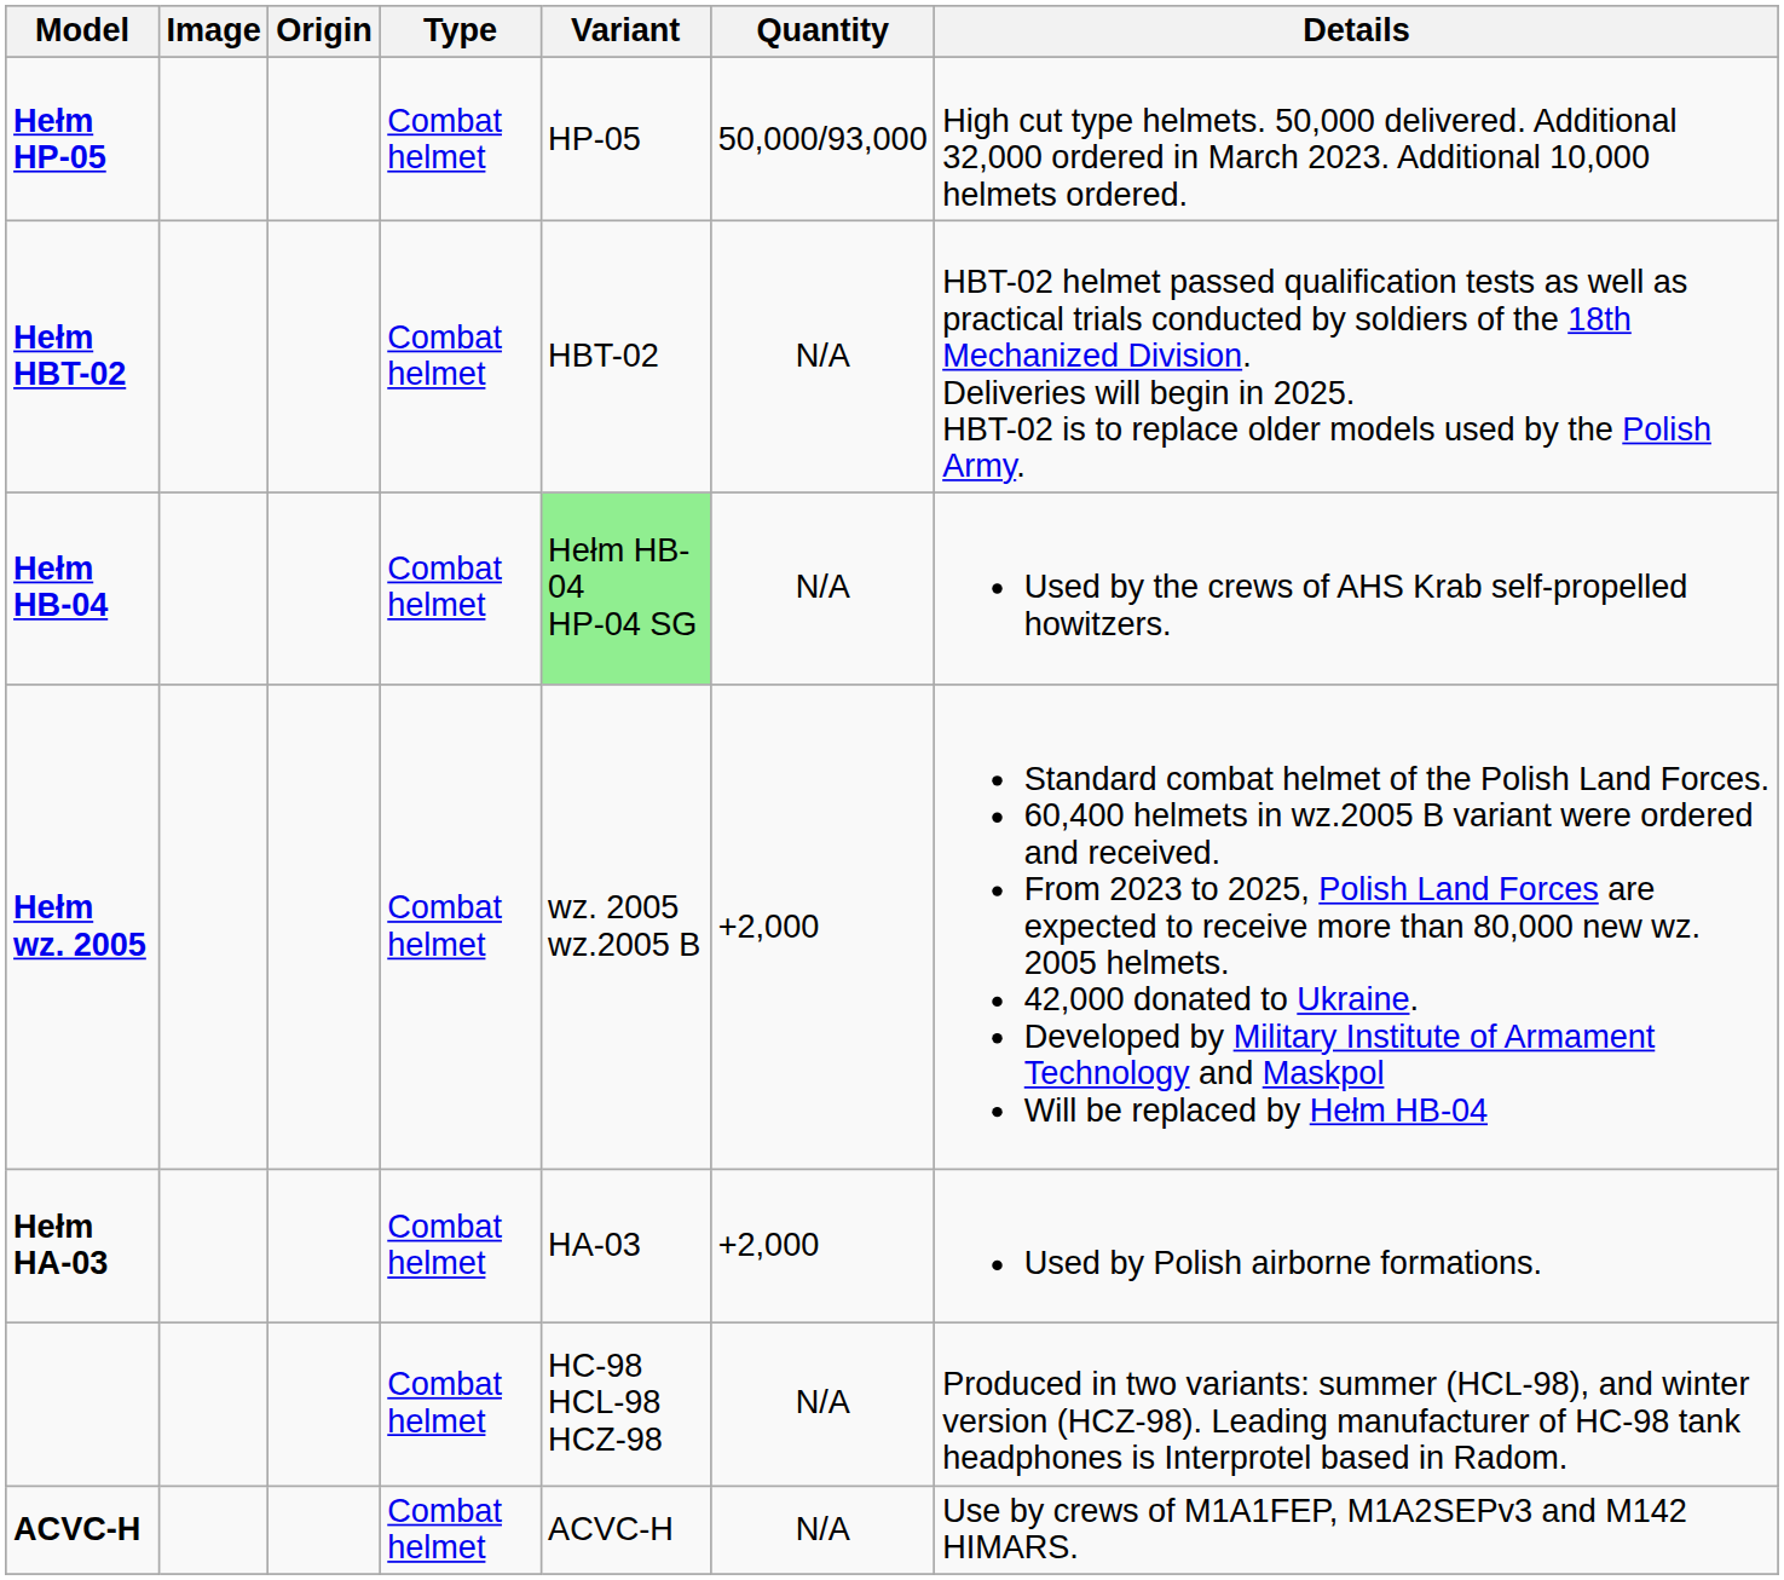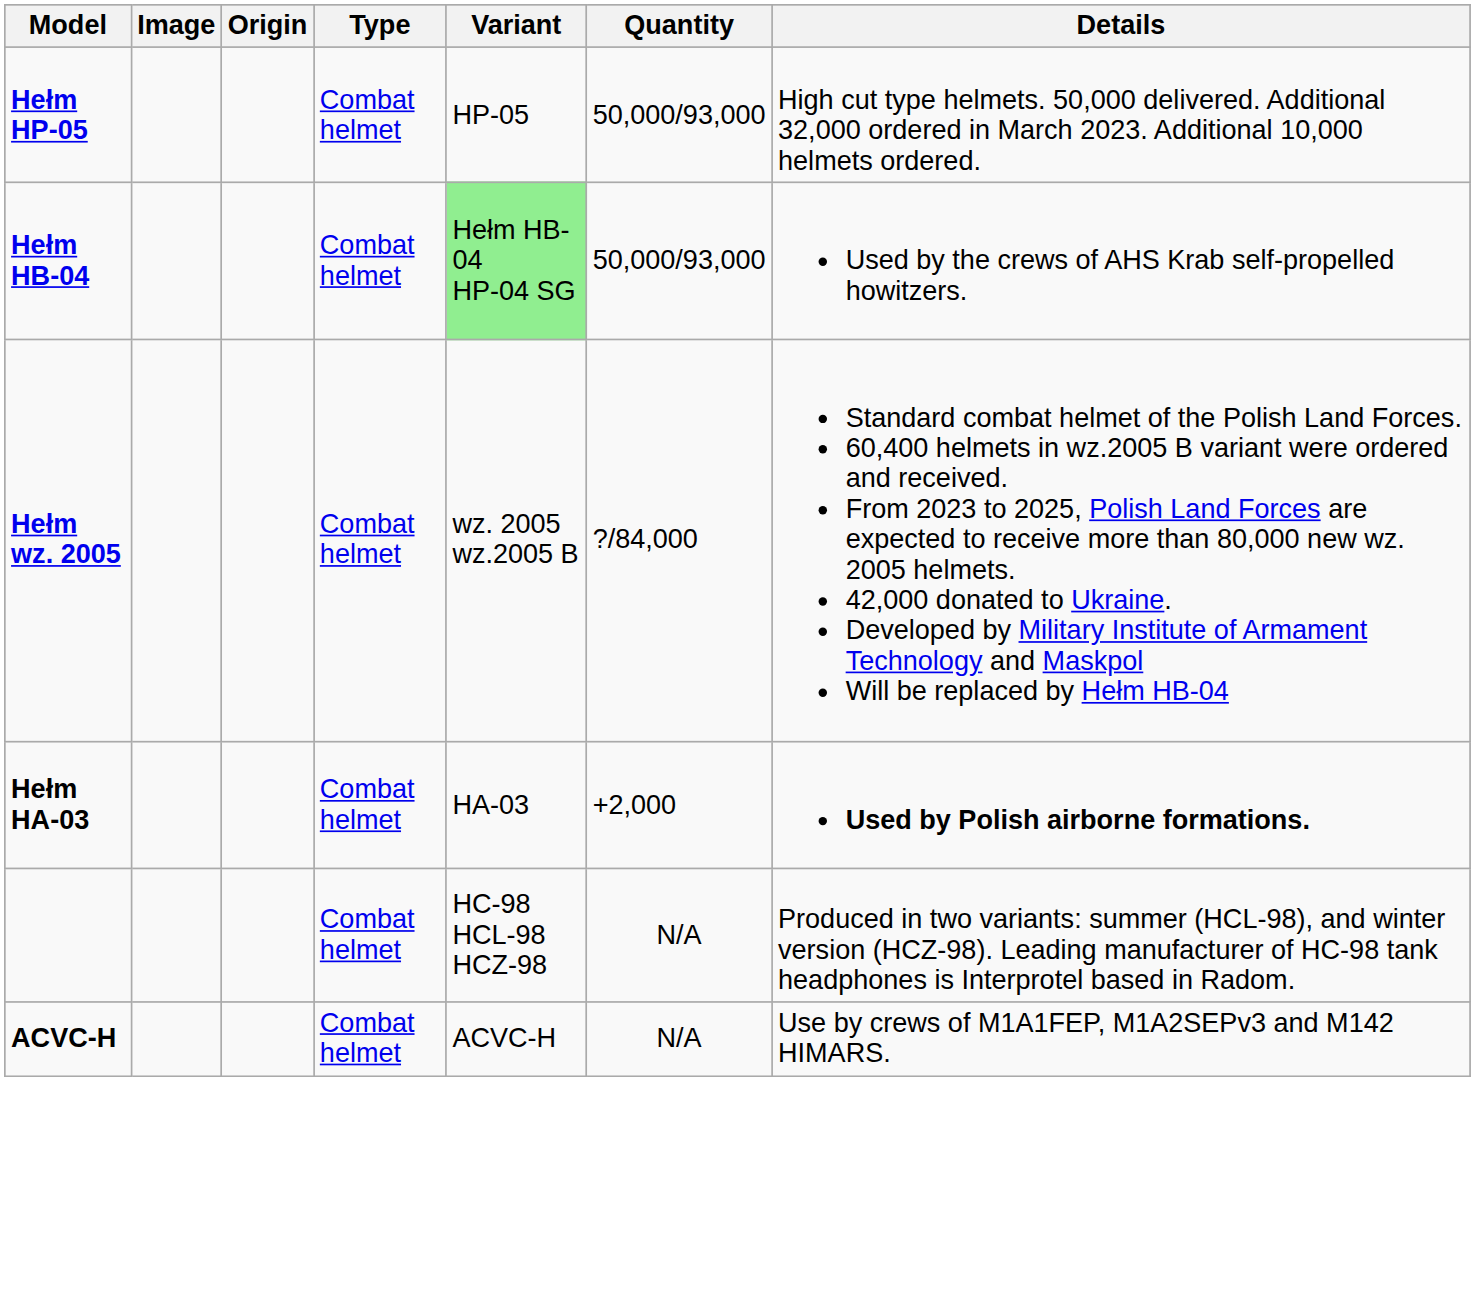 <table class="wikitable">
 <tr>
 <th>Model</th>
 <th>Image</th>
 <th>Origin</th>
 <th>Type</th>
 <th>Variant</th>
 <th>Quantity</th>
 <th>Details</th>
 </tr>
 <tr>
 <td><strong><a href='#'>Hełm HP-05</a></strong></td>
 <td></td>
 <td><small></small></td>
 <td><a href='#'>Combat helmet</a></td>
 <td>HP-05</td>
 <td>50,000/93,000</td>
 <td><br>High cut type helmets. 50,000 delivered. Additional 32,000 ordered in March 2023. Additional 10,000 helmets ordered.</td>
 </tr>
 <tr>
-<td><strong><a href='#'>Hełm HBT-02</a></strong></td>
-<td></td>
-<td><small></small></td>
-<td><a href='#'>Combat helmet</a></td>
-<td>HBT-02</td>
-<td style="text-align: center;">N/A</td>
-<td><br>HBT-02 helmet passed qualification tests as well as practical trials conducted by soldiers of the <a href='#'>18th Mechanized Division</a>.<br>Deliveries will begin in 2025.<br>HBT-02 is to replace older models used by the <a href='#'>Polish Army</a>.</td>
-</tr>
-<tr>
 <td><strong><a href='#'>Hełm HB-04</a></strong></td>
 <td></td>
 <td><small></small></td>
 <td><a href='#'>Combat helmet</a></td>
 <td style="background: lightgreen;">Hełm HB-04<br>HP-04 SG</td>
-<td style="text-align: center;">N/A</td>
+<td>50,000/93,000</td>
 <td><br><ul><li>Used by the crews of AHS Krab self-propelled howitzers.</li></ul></td>
 </tr>
 <tr>
 <td><strong><a href='#'>Hełm wz. 2005</a></strong></td>
 <td></td>
 <td><small></small></td>
 <td><a href='#'>Combat helmet</a></td>
 <td>wz. 2005<br> wz.2005 B</td>
-<td>+2,000  </td>
+<td>?/84,000</td>
 <td><br><ul><li>Standard combat helmet of the Polish Land Forces.</li><li>60,400 helmets in wz.2005 B variant were ordered and received.</li><li>From 2023 to 2025, <a href='#'>Polish Land Forces</a> are expected to receive more than 80,000 new wz. 2005 helmets.</li><li>42,000 donated to <a href='#'>Ukraine</a>.</li><li>Developed by <a href='#'>Military Institute of Armament Technology</a> and <a href='#'>Maskpol</a></li><li>Will be replaced by <a href='#'>Hełm HB-04</a></li></ul></td>
 </tr>
 <tr>
 <td><strong>Hełm HA-03</strong></td>
 <td></td>
 <td><small></small></td>
 <td><a href='#'>Combat helmet</a></td>
 <td>HA-03</td>
 <td>+2,000  </td>
-<td><br><ul><li>Used by Polish airborne formations.</li></ul></td>
+<td><strong><br><ul><li>Used by Polish airborne formations.</li></ul></strong></td>
 </tr>
 <tr>
 <td><strong></strong></td>
 <td></td>
 <td><small></small></td>
 <td><a href='#'>Combat helmet</a></td>
 <td>HC-98<br>HCL-98  HCZ-98</td>
 <td style="text-align: center;">N/A</td>
 <td><br>Produced in two variants: summer (HCL-98), and winter version (HCZ-98). Leading manufacturer of HC-98 tank headphones is Interprotel based in Radom.</td>
 </tr>
 <tr>
 <td><strong>ACVC-H</strong></td>
 <td></td>
 <td><small></small></td>
 <td><a href='#'>Combat helmet</a></td>
 <td>ACVC-H</td>
 <td style="text-align: center;">N/A</td>
 <td>Use by crews of M1A1FEP, M1A2SEPv3 and M142 HIMARS.</td>
 </tr>
 </table>
